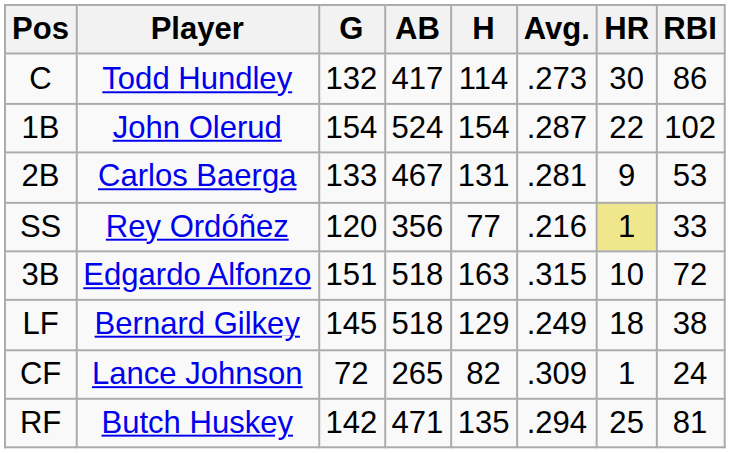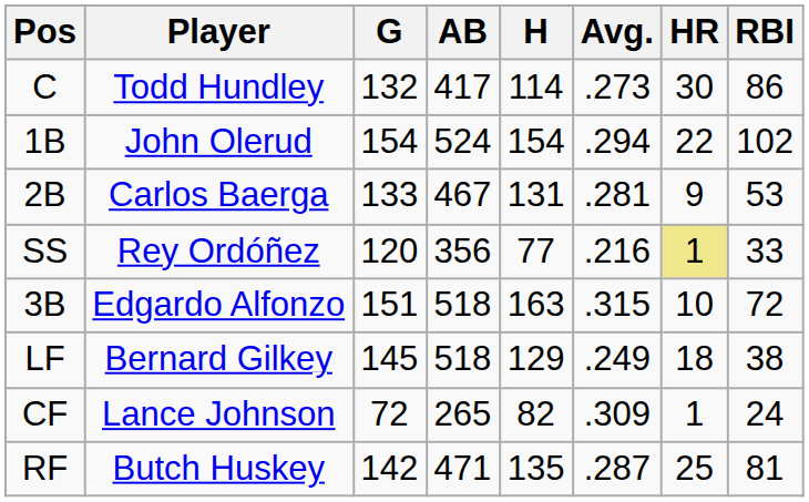 <table class="wikitable sortable">
 <tr>
 <th>Pos</th>
 <th>Player</th>
 <th>G</th>
 <th>AB</th>
 <th>H</th>
 <th>Avg.</th>
 <th>HR</th>
 <th>RBI</th>
 </tr>
 <tr align="center">
 <td>C</td>
 <td><a href='#'>Todd Hundley</a></td>
 <td>132</td>
 <td>417</td>
 <td>114</td>
 <td>.273</td>
 <td>30</td>
 <td>86</td>
 </tr>
 <tr align="center">
 <td>1B</td>
 <td><a href='#'>John Olerud</a></td>
 <td>154</td>
 <td>524</td>
 <td>154</td>
-<td>.287</td>
+<td>.294</td>
 <td>22</td>
 <td>102</td>
 </tr>
 <tr align="center">
 <td>2B</td>
 <td><a href='#'>Carlos Baerga</a></td>
 <td>133</td>
 <td>467</td>
 <td>131</td>
 <td>.281</td>
 <td>9</td>
 <td>53</td>
 </tr>
 <tr align="center">
 <td>SS</td>
 <td><a href='#'>Rey Ordóñez</a></td>
 <td>120</td>
 <td>356</td>
 <td>77</td>
 <td>.216</td>
 <td style="background: khaki;">1</td>
 <td>33</td>
 </tr>
 <tr align="center">
 <td>3B</td>
 <td><a href='#'>Edgardo Alfonzo</a></td>
 <td>151</td>
 <td>518</td>
 <td>163</td>
 <td>.315</td>
 <td>10</td>
 <td>72</td>
 </tr>
 <tr align="center">
 <td>LF</td>
 <td><a href='#'>Bernard Gilkey</a></td>
 <td>145</td>
 <td>518</td>
 <td>129</td>
 <td>.249</td>
 <td>18</td>
 <td>38</td>
 </tr>
 <tr align="center">
 <td>CF</td>
 <td><a href='#'>Lance Johnson</a></td>
 <td>72</td>
 <td>265</td>
 <td>82</td>
 <td>.309</td>
 <td>1</td>
 <td>24</td>
 </tr>
 <tr align="center">
 <td>RF</td>
 <td><a href='#'>Butch Huskey</a></td>
 <td>142</td>
 <td>471</td>
 <td>135</td>
-<td>.294</td>
+<td>.287</td>
 <td>25</td>
 <td>81</td>
 </tr>
 </table>
